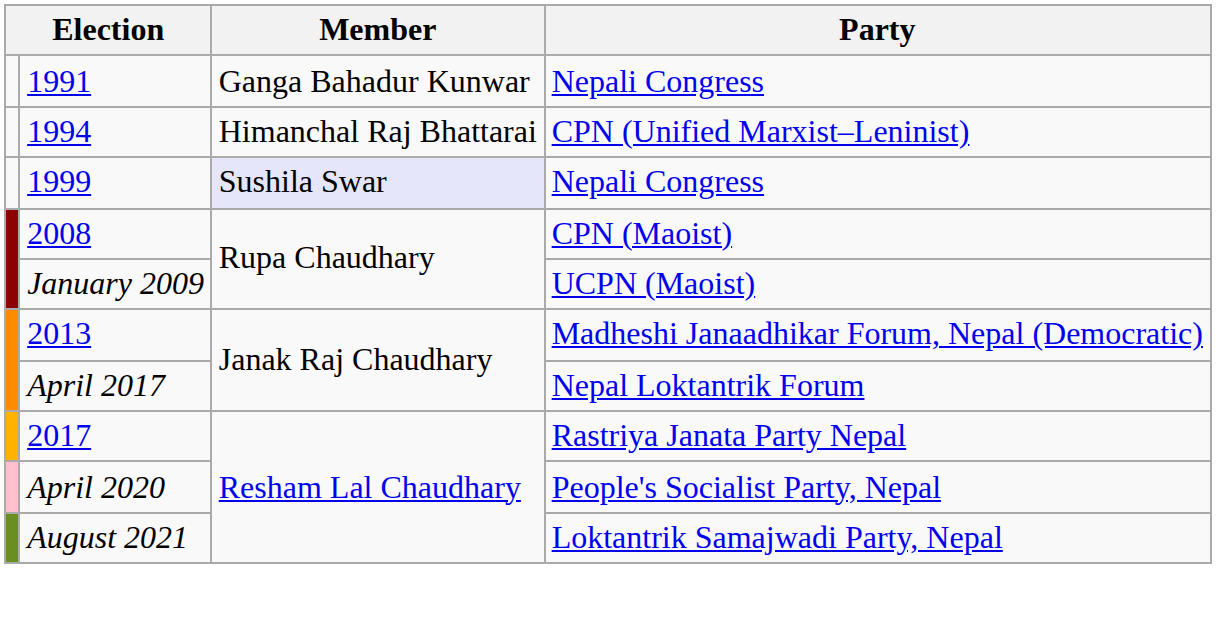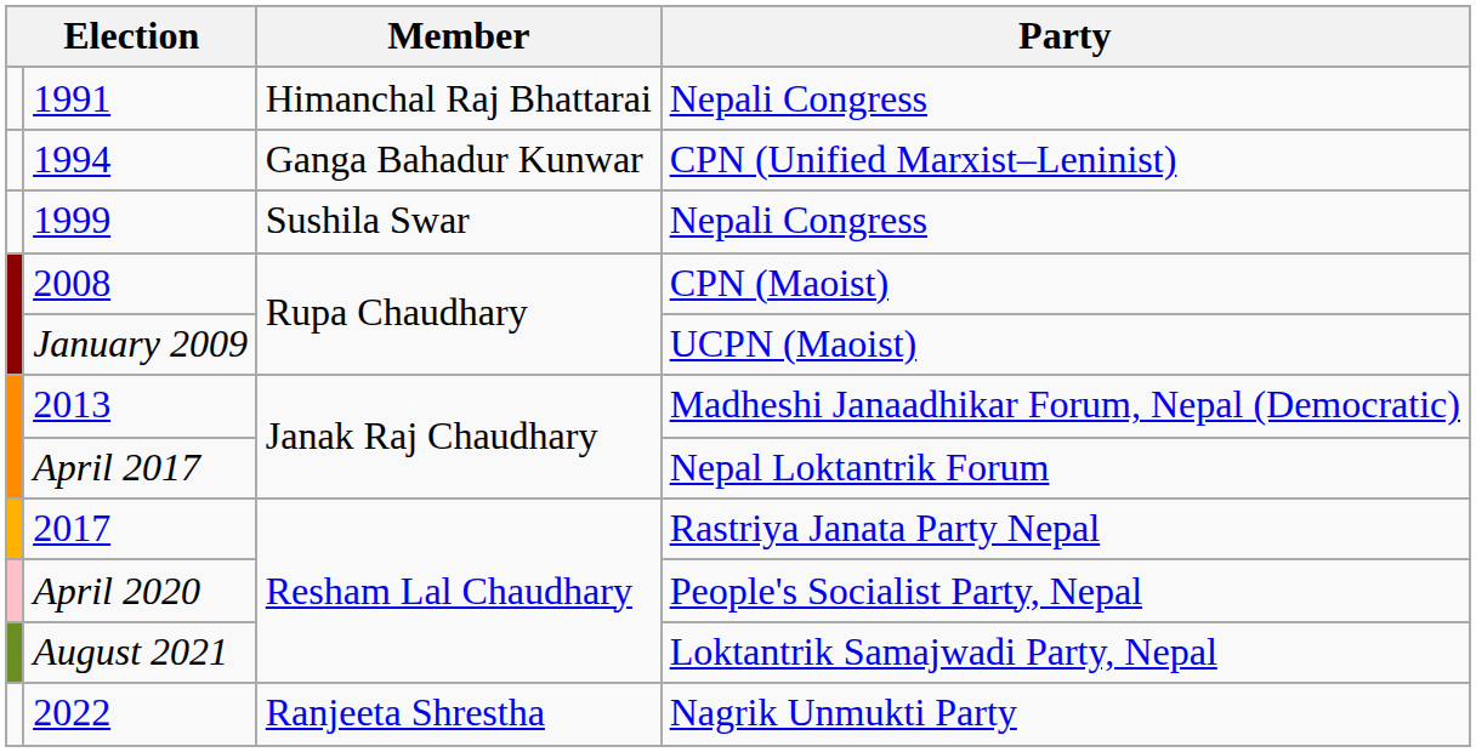 <table class="wikitable">
 <tr>
 <th colspan="2">Election</th>
 <th>Member</th>
 <th>Party</th>
 </tr>
 <tr>
 <td style="background-color:"></td>
 <td><a href='#'>1991</a></td>
-<td>Ganga Bahadur Kunwar</td>
+<td>Himanchal Raj Bhattarai</td>
 <td><a href='#'>Nepali Congress</a></td>
 </tr>
 <tr>
 <td style="background-color:"></td>
 <td><a href='#'>1994</a></td>
-<td>Himanchal Raj Bhattarai</td>
+<td>Ganga Bahadur Kunwar</td>
 <td><a href='#'>CPN (Unified Marxist–Leninist)</a></td>
 </tr>
 <tr>
 <td style="background-color:"></td>
 <td><a href='#'>1999</a></td>
-<td style="background: lavender;">Sushila Swar</td>
+<td>Sushila Swar</td>
 <td><a href='#'>Nepali Congress</a></td>
 </tr>
 <tr>
 <td rowspan="2" style="background-color:darkred"></td>
 <td><a href='#'>2008</a></td>
 <td rowspan="2">Rupa Chaudhary</td>
 <td><a href='#'>CPN (Maoist)</a></td>
 </tr>
 <tr>
 <td><em>January 2009</em></td>
 <td><a href='#'>UCPN (Maoist)</a></td>
 </tr>
 <tr>
 <td rowspan="2" style="background-color:darkorange"></td>
 <td><a href='#'>2013</a></td>
 <td rowspan="2">Janak Raj Chaudhary</td>
 <td><a href='#'>Madheshi Janaadhikar Forum, Nepal (Democratic)</a></td>
 </tr>
 <tr>
 <td><em>April 2017</em></td>
 <td><a href='#'>Nepal Loktantrik Forum</a></td>
 </tr>
 <tr>
 <td style="background-color:#ffb300"></td>
 <td><a href='#'>2017</a></td>
 <td rowspan="3"><a href='#'>Resham Lal Chaudhary</a></td>
 <td><a href='#'>Rastriya Janata Party Nepal</a></td>
 </tr>
 <tr>
 <td style="background-color:pink"></td>
 <td><em>April 2020</em></td>
 <td><a href='#'>People's Socialist Party, Nepal</a></td>
 </tr>
 <tr>
 <td style="background-color:olivedrab"></td>
 <td><em>August 2021</em></td>
 <td><a href='#'>Loktantrik Samajwadi Party, Nepal</a></td>
 </tr>
 <tr>
+<td></td>
+<td><a href='#'>2022</a></td>
+<td><a href='#'>Ranjeeta Shrestha</a></td>
+<td><a href='#'>Nagrik Unmukti Party</a></td>
+</tr>
+<tr>
 </tr>
 </table>
